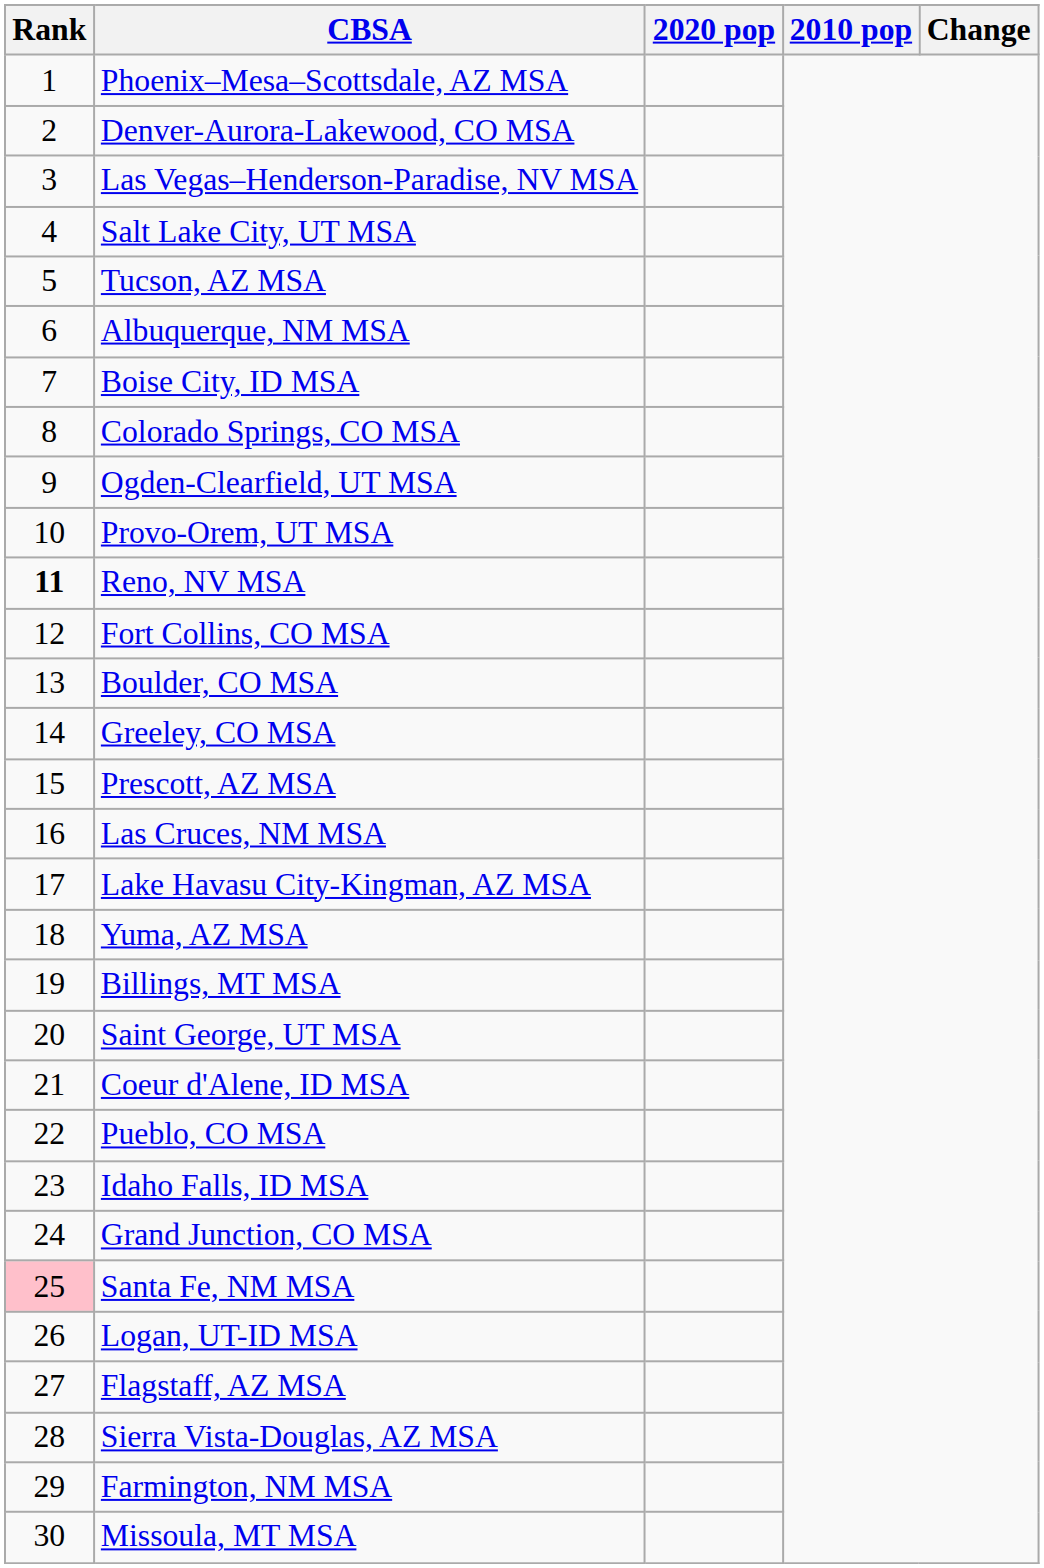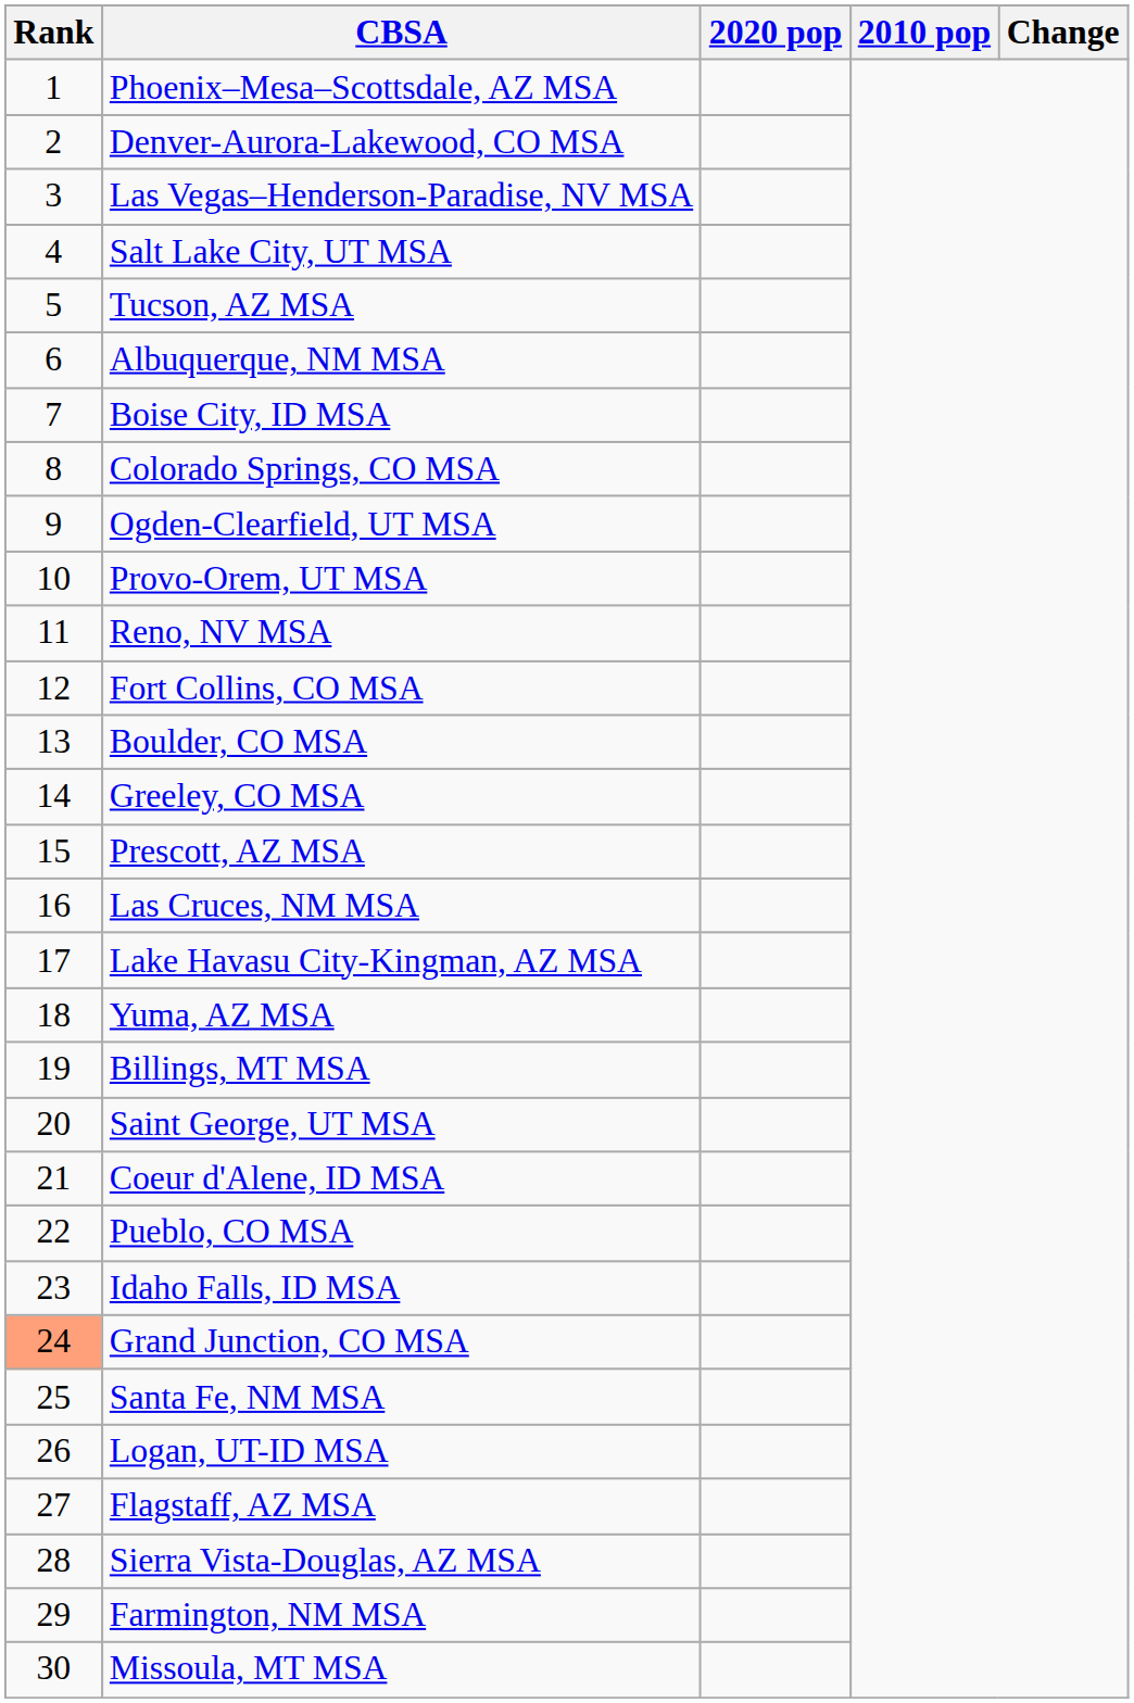 <table class="wikitable sortable">
 <tr>
 <th>Rank</th>
 <th><a href='#'>CBSA</a></th>
 <th><a href='#'>2020 pop</a></th>
 <th><a href='#'>2010 pop</a></th>
 <th>Change</th>
 </tr>
 <tr>
 <td align=center>1</td>
 <td><a href='#'>Phoenix–Mesa–Scottsdale, AZ MSA</a></td>
 <td></td>
 </tr>
 <tr>
 <td align=center>2</td>
 <td><a href='#'>Denver-Aurora-Lakewood, CO MSA</a></td>
 <td></td>
 </tr>
 <tr>
 <td align=center>3</td>
 <td><a href='#'>Las Vegas–Henderson-Paradise, NV MSA</a></td>
 <td></td>
 </tr>
 <tr>
 <td align=center>4</td>
 <td><a href='#'>Salt Lake City, UT MSA</a></td>
 <td></td>
 </tr>
 <tr>
 <td align=center>5</td>
 <td><a href='#'>Tucson, AZ MSA</a></td>
 <td></td>
 </tr>
 <tr>
 <td align=center>6</td>
 <td><a href='#'>Albuquerque, NM MSA</a></td>
 <td></td>
 </tr>
 <tr>
 <td align=center>7</td>
 <td><a href='#'>Boise City, ID MSA</a></td>
 <td></td>
 </tr>
 <tr>
 <td align=center>8</td>
 <td><a href='#'>Colorado Springs, CO MSA</a></td>
 <td></td>
 </tr>
 <tr>
 <td align=center>9</td>
 <td><a href='#'>Ogden-Clearfield, UT MSA</a></td>
 <td></td>
 </tr>
 <tr>
 <td align=center>10</td>
 <td><a href='#'>Provo-Orem, UT MSA</a></td>
 <td></td>
 </tr>
 <tr>
-<td align=center><strong>11</strong></td>
+<td align=center>11</td>
 <td><a href='#'>Reno, NV MSA</a></td>
 <td></td>
 </tr>
 <tr>
 <td align=center>12</td>
 <td><a href='#'>Fort Collins, CO MSA</a></td>
 <td></td>
 </tr>
 <tr>
 <td align=center>13</td>
 <td><a href='#'>Boulder, CO MSA</a></td>
 <td></td>
 </tr>
 <tr>
 <td align=center>14</td>
 <td><a href='#'>Greeley, CO MSA</a></td>
 <td></td>
 </tr>
 <tr>
 <td align=center>15</td>
 <td><a href='#'>Prescott, AZ MSA</a></td>
 <td></td>
 </tr>
 <tr>
 <td align=center>16</td>
 <td><a href='#'>Las Cruces, NM MSA</a></td>
 <td></td>
 </tr>
 <tr>
 <td align=center>17</td>
 <td><a href='#'>Lake Havasu City-Kingman, AZ MSA</a></td>
 <td></td>
 </tr>
 <tr>
 <td align=center>18</td>
 <td><a href='#'>Yuma, AZ MSA</a></td>
 <td></td>
 </tr>
 <tr>
 <td align=center>19</td>
 <td><a href='#'>Billings, MT MSA</a></td>
 <td></td>
 </tr>
 <tr>
 <td align=center>20</td>
 <td><a href='#'>Saint George, UT MSA</a></td>
 <td></td>
 </tr>
 <tr>
 <td align=center>21</td>
 <td><a href='#'>Coeur d'Alene, ID MSA</a></td>
 <td></td>
 </tr>
 <tr>
 <td align=center>22</td>
 <td><a href='#'>Pueblo, CO MSA</a></td>
 <td></td>
 </tr>
 <tr>
 <td align=center>23</td>
 <td><a href='#'>Idaho Falls, ID MSA</a></td>
 <td></td>
 </tr>
 <tr>
-<td align=center>24</td>
+<td align=center style="background: lightsalmon;">24</td>
 <td><a href='#'>Grand Junction, CO MSA</a></td>
 <td></td>
 </tr>
 <tr>
-<td align=center style="background: pink;">25</td>
+<td align=center>25</td>
 <td><a href='#'>Santa Fe, NM MSA</a></td>
 <td></td>
 </tr>
 <tr>
 <td align=center>26</td>
 <td><a href='#'>Logan, UT-ID MSA</a></td>
 <td></td>
 </tr>
 <tr>
 <td align=center>27</td>
 <td><a href='#'>Flagstaff, AZ MSA</a></td>
 <td></td>
 </tr>
 <tr>
 <td align=center>28</td>
 <td><a href='#'>Sierra Vista-Douglas, AZ MSA</a></td>
 <td></td>
 </tr>
 <tr>
 <td align=center>29</td>
 <td><a href='#'>Farmington, NM MSA</a></td>
 <td></td>
 </tr>
 <tr>
 <td align=center>30</td>
 <td><a href='#'>Missoula, MT MSA</a></td>
 <td></td>
 </tr>
 </table>
